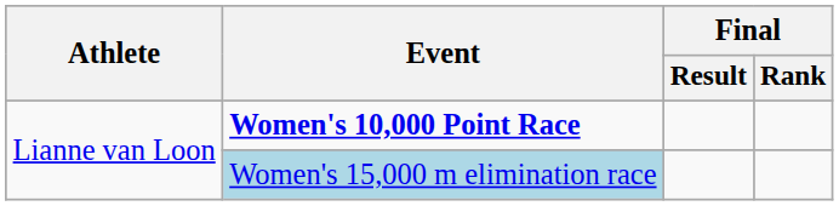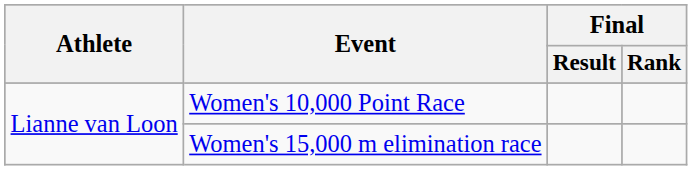 <table class="wikitable" style="font-size:90%">
 <tr>
 <th rowspan=2>Athlete</th>
 <th rowspan=2>Event</th>
 <th colspan=2>Final</th>
 </tr>
 <tr style="font-size:95%">
 <th>Result</th>
 <th>Rank</th>
 </tr>
 <tr align="center">
 <td align=left rowspan=2><a href='#'>Lianne van Loon</a></td>
-<td align=left><strong><a href='#'>Women's 10,000 Point Race</a></strong></td>
+<td align=left><a href='#'>Women's 10,000 Point Race</a></td>
 <td></td>
 <td></td>
 </tr>
 <tr align="center">
-<td align=left style="background: lightblue;"><a href='#'>Women's 15,000 m elimination race</a></td>
+<td align=left><a href='#'>Women's 15,000 m elimination race</a></td>
 <td></td>
 <td></td>
 </tr>
 </table>
